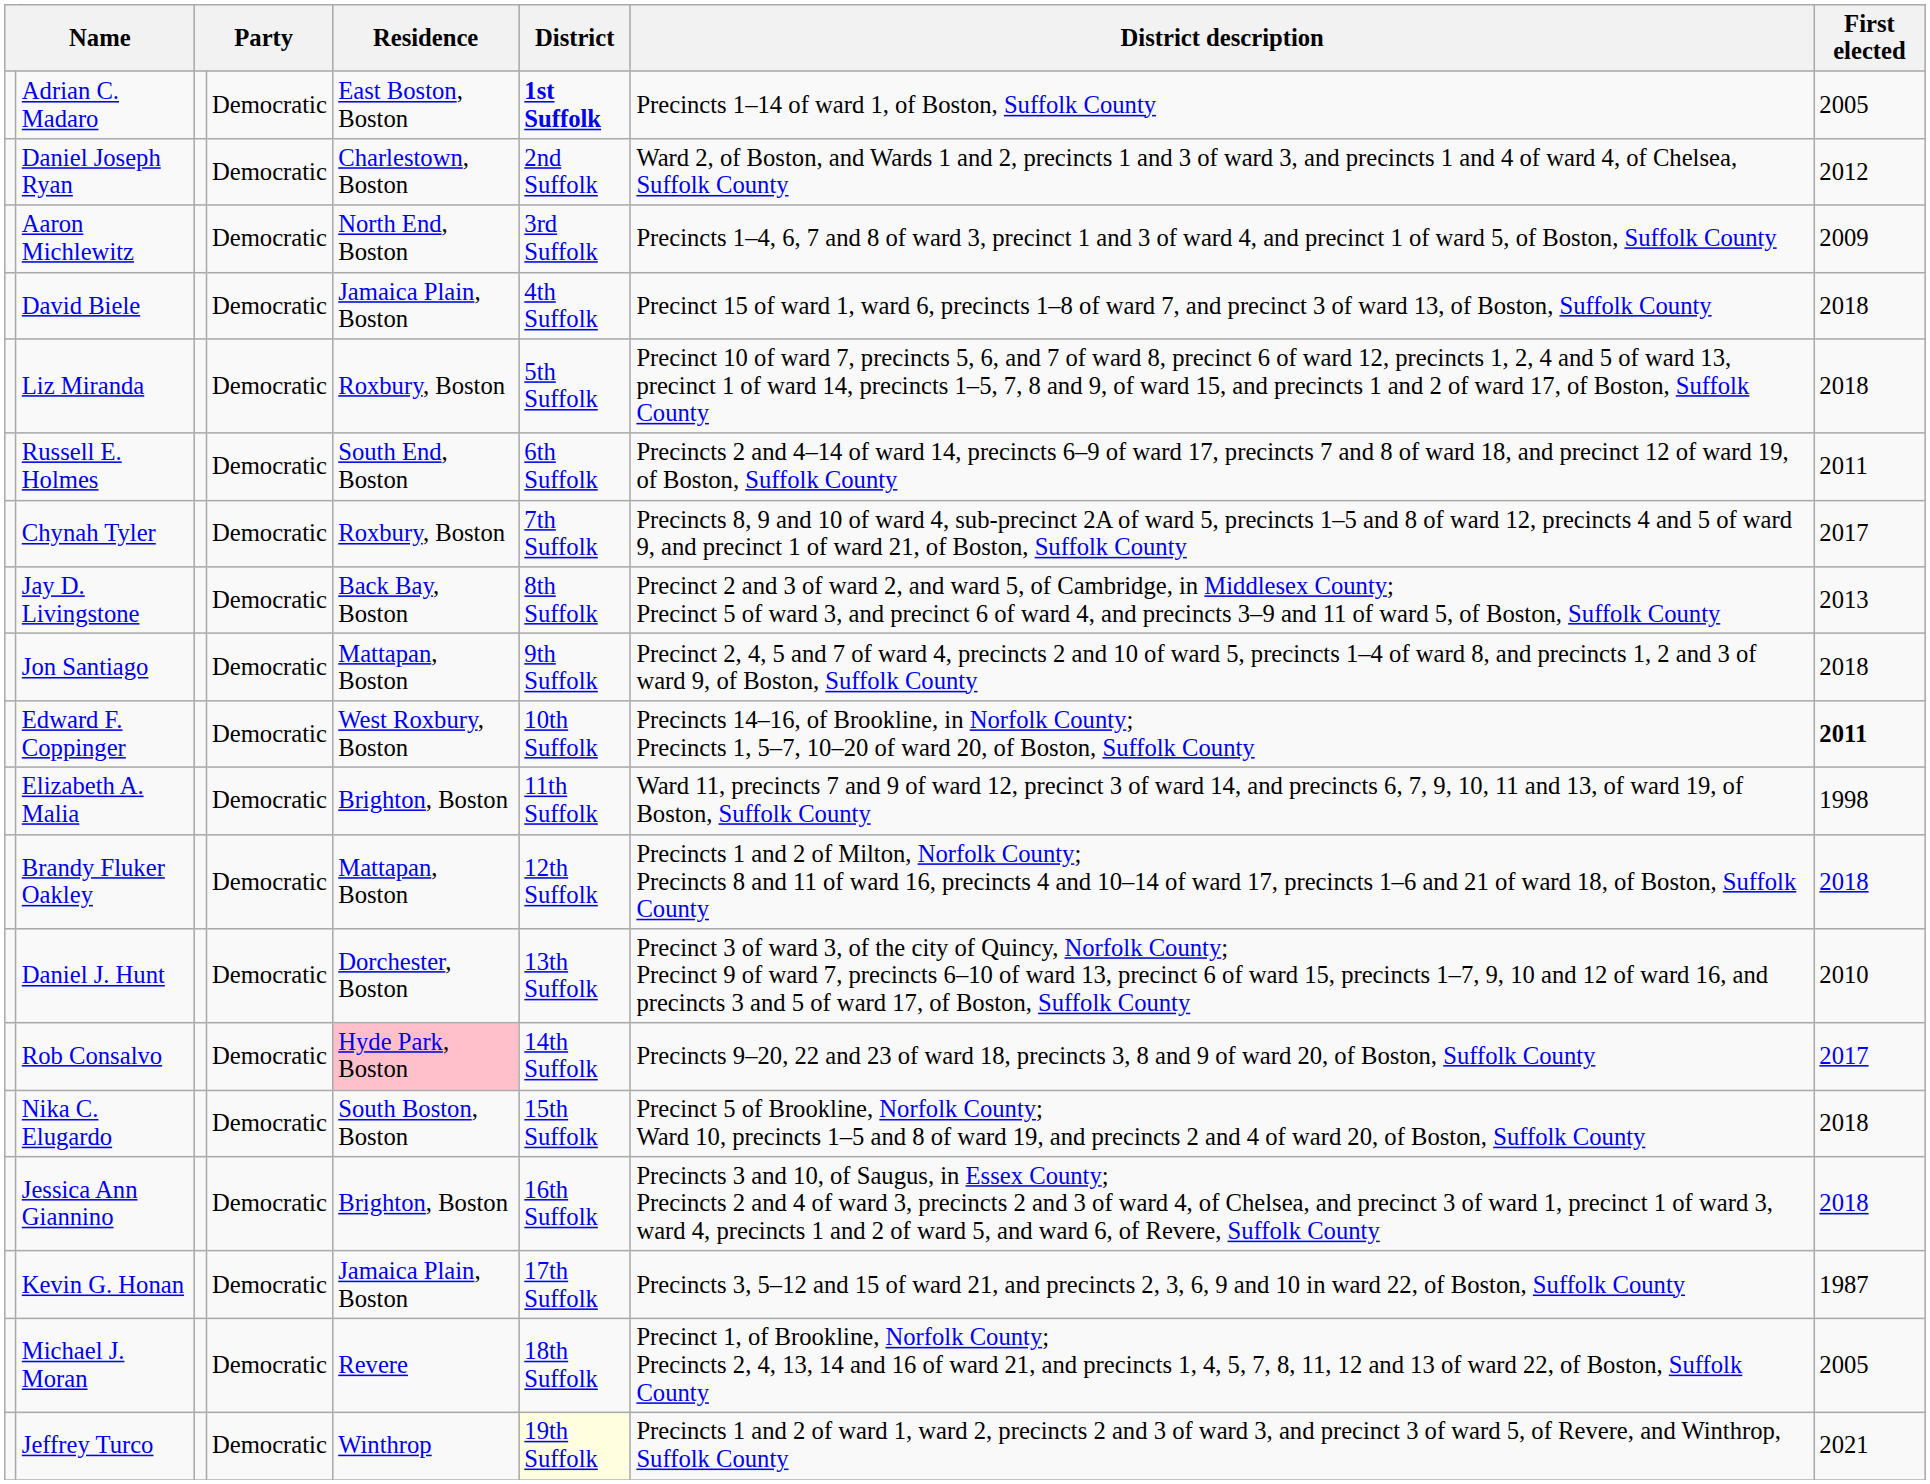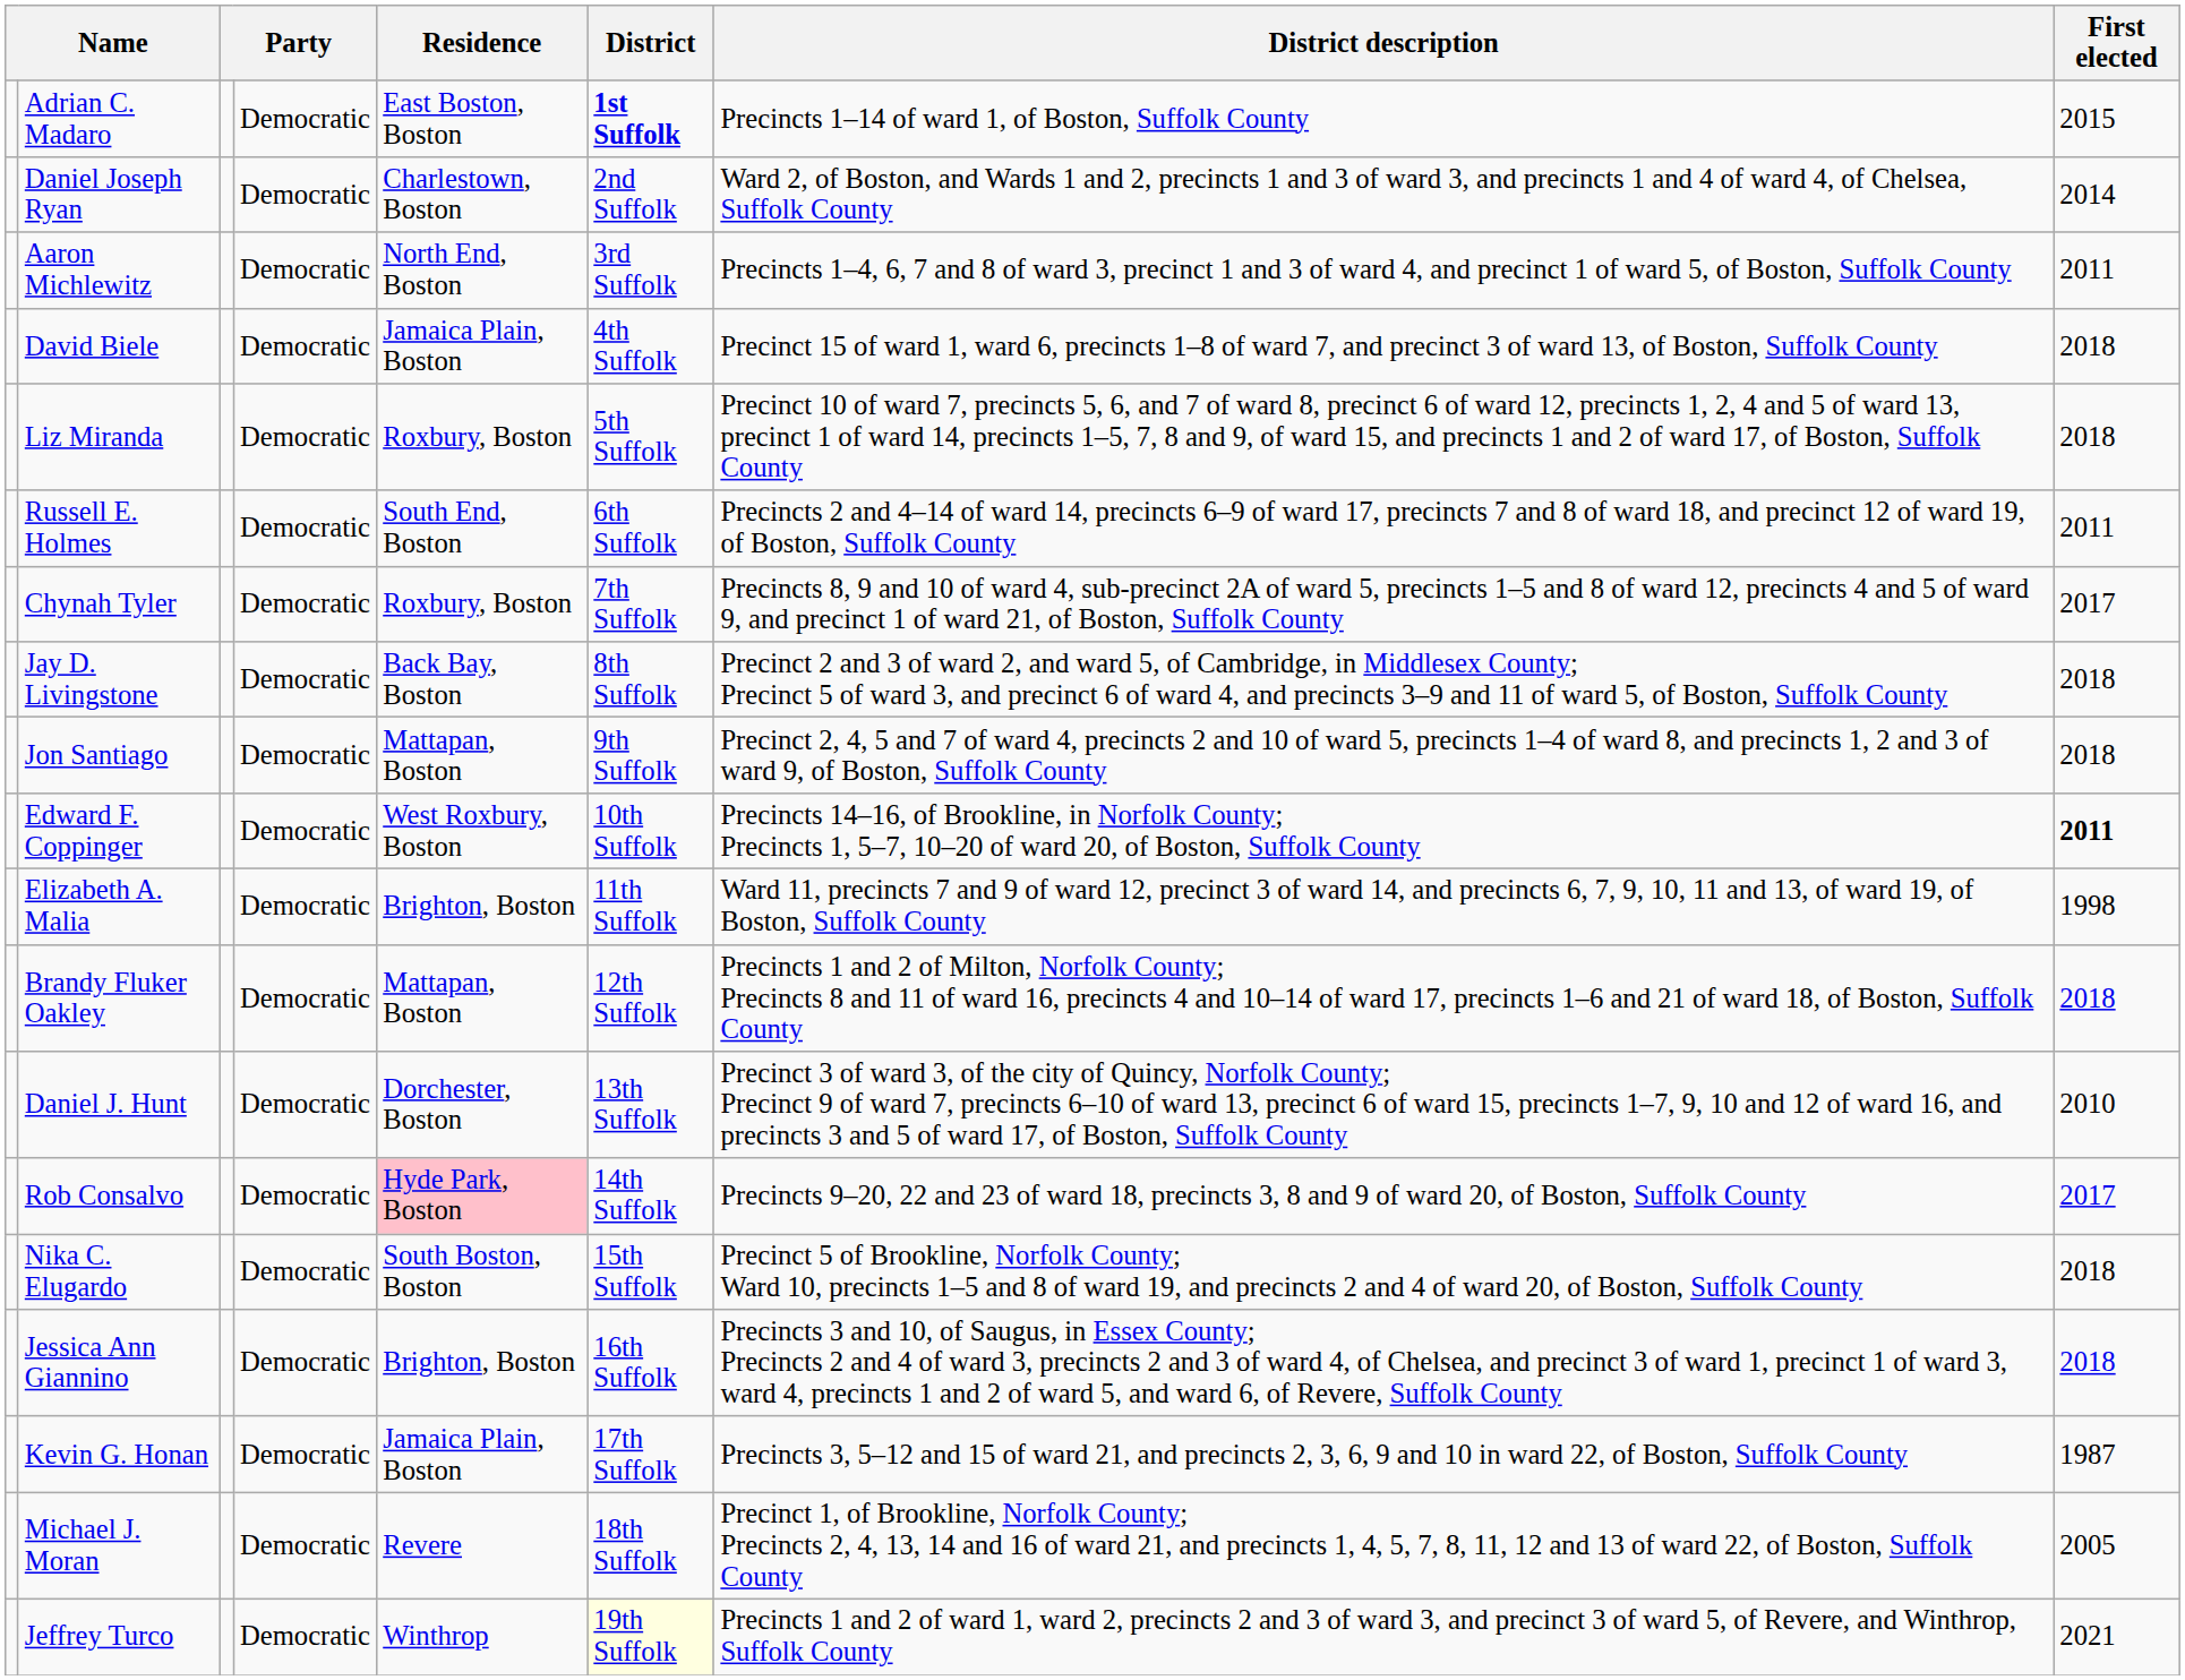 <table class="wikitable sortable" style="text-align:left;">
 <tr>
 <th colspan="2">Name</th>
 <th colspan=2>Party</th>
 <th>Residence</th>
 <th>District</th>
 <th>District description</th>
 <th>First elected</th>
 </tr>
 <tr>
 <td></td>
 <td><a href='#'>Adrian C. Madaro</a></td>
 <td style="background-color:"></td>
 <td>Democratic</td>
 <td><a href='#'>East Boston</a>, Boston</td>
 <td><strong><a href='#'>1st Suffolk</a></strong></td>
 <td>Precincts 1–14 of ward 1, of Boston, <a href='#'>Suffolk County</a></td>
-<td>2005</td>
+<td>2015</td>
 </tr>
 <tr>
 <td></td>
 <td><a href='#'>Daniel Joseph Ryan</a></td>
 <td style="background-color:"></td>
 <td>Democratic</td>
 <td><a href='#'>Charlestown</a>, Boston</td>
 <td><a href='#'>2nd Suffolk</a></td>
 <td>Ward 2, of Boston, and Wards 1 and 2, precincts 1 and 3 of ward 3, and precincts 1 and 4 of ward 4, of Chelsea, <a href='#'>Suffolk County</a></td>
-<td>2012</td>
+<td>2014</td>
 </tr>
 <tr>
 <td></td>
 <td><a href='#'>Aaron Michlewitz</a></td>
 <td style="background-color:"></td>
 <td>Democratic</td>
 <td><a href='#'>North End</a>, Boston</td>
 <td><a href='#'>3rd Suffolk</a></td>
 <td>Precincts 1–4, 6, 7 and 8 of ward 3, precinct 1 and 3 of ward 4, and precinct 1 of ward 5, of Boston, <a href='#'>Suffolk County</a></td>
-<td>2009</td>
+<td>2011</td>
 </tr>
 <tr>
 <td></td>
 <td><a href='#'>David Biele</a></td>
 <td style="background-color:"></td>
 <td>Democratic</td>
 <td><a href='#'>Jamaica Plain</a>, Boston</td>
 <td><a href='#'>4th Suffolk</a></td>
 <td>Precinct 15 of ward 1, ward 6, precincts 1–8 of ward 7, and precinct 3 of ward 13, of Boston, <a href='#'>Suffolk County</a></td>
 <td>2018</td>
 </tr>
 <tr>
 <td></td>
 <td><a href='#'>Liz Miranda</a></td>
 <td style="background-color:"></td>
 <td>Democratic</td>
 <td><a href='#'>Roxbury</a>, Boston</td>
 <td><a href='#'>5th Suffolk</a></td>
 <td>Precinct 10 of ward 7, precincts 5, 6, and 7 of ward 8, precinct 6 of ward 12, precincts 1, 2, 4 and 5 of ward 13, precinct 1 of ward 14, precincts 1–5, 7, 8 and 9, of ward 15, and precincts 1 and 2 of ward 17, of Boston, <a href='#'>Suffolk County</a></td>
 <td>2018</td>
 </tr>
 <tr>
 <td></td>
 <td><a href='#'>Russell E. Holmes</a></td>
 <td style="background-color:"></td>
 <td>Democratic</td>
 <td><a href='#'>South End</a>, Boston</td>
 <td><a href='#'>6th Suffolk</a></td>
 <td>Precincts 2 and 4–14 of ward 14, precincts 6–9 of ward 17, precincts 7 and 8 of ward 18, and precinct 12 of ward 19, of Boston, <a href='#'>Suffolk County</a></td>
 <td>2011</td>
 </tr>
 <tr>
 <td></td>
 <td><a href='#'>Chynah Tyler</a></td>
 <td style="background-color:"></td>
 <td>Democratic</td>
 <td><a href='#'>Roxbury</a>, Boston</td>
 <td><a href='#'>7th Suffolk</a></td>
 <td>Precincts 8, 9 and 10 of ward 4, sub-precinct 2A of ward 5, precincts 1–5 and 8 of ward 12, precincts 4 and 5 of ward 9, and precinct 1 of ward 21, of Boston, <a href='#'>Suffolk County</a></td>
 <td>2017</td>
 </tr>
 <tr>
 <td></td>
 <td><a href='#'>Jay D. Livingstone</a></td>
 <td style="background-color:"></td>
 <td>Democratic</td>
 <td><a href='#'>Back Bay</a>, Boston</td>
 <td><a href='#'>8th Suffolk</a></td>
 <td>Precinct 2 and 3 of ward 2, and ward 5, of Cambridge, in <a href='#'>Middlesex County</a>;<br>Precinct 5 of ward 3, and precinct 6 of ward 4, and precincts 3–9 and 11 of ward 5, of Boston, <a href='#'>Suffolk County</a></td>
-<td>2013</td>
+<td>2018</td>
 </tr>
 <tr>
 <td></td>
 <td><a href='#'>Jon Santiago</a></td>
 <td style="background-color:"></td>
 <td>Democratic</td>
 <td><a href='#'>Mattapan</a>, Boston</td>
 <td><a href='#'>9th Suffolk</a></td>
 <td>Precinct 2, 4, 5 and 7 of ward 4, precincts 2 and 10 of ward 5, precincts 1–4 of ward 8, and precincts 1, 2 and 3 of ward 9, of Boston, <a href='#'>Suffolk County</a></td>
 <td>2018</td>
 </tr>
 <tr>
 <td></td>
 <td><a href='#'>Edward F. Coppinger</a></td>
 <td style="background-color:"></td>
 <td>Democratic</td>
 <td><a href='#'>West Roxbury</a>, Boston</td>
 <td><a href='#'>10th Suffolk</a></td>
 <td>Precincts 14–16, of Brookline, in <a href='#'>Norfolk County</a>;<br>Precincts 1, 5–7, 10–20 of ward 20, of Boston, <a href='#'>Suffolk County</a></td>
 <td><strong>2011</strong></td>
 </tr>
 <tr>
 <td></td>
 <td><a href='#'>Elizabeth A. Malia</a></td>
 <td style="background-color:"></td>
 <td>Democratic</td>
 <td><a href='#'>Brighton</a>, Boston</td>
 <td><a href='#'>11th Suffolk</a></td>
 <td>Ward 11, precincts 7 and 9 of ward 12, precinct 3 of ward 14, and precincts 6, 7, 9, 10, 11 and 13, of ward 19, of Boston, <a href='#'>Suffolk County</a></td>
 <td>1998</td>
 </tr>
 <tr>
 <td></td>
 <td><a href='#'>Brandy Fluker Oakley</a></td>
 <td style="background-color:"></td>
 <td>Democratic</td>
 <td><a href='#'>Mattapan</a>, Boston</td>
 <td><a href='#'>12th Suffolk</a></td>
 <td>Precincts 1 and 2 of Milton, <a href='#'>Norfolk County</a>;<br>Precincts 8 and 11 of ward 16, precincts 4 and 10–14 of ward 17, precincts 1–6 and 21 of ward 18, of Boston, <a href='#'>Suffolk County</a></td>
 <td><a href='#'>2018</a></td>
 </tr>
 <tr>
 <td></td>
 <td><a href='#'>Daniel J. Hunt</a></td>
 <td style="background-color:"></td>
 <td>Democratic</td>
 <td><a href='#'>Dorchester</a>, Boston</td>
 <td><a href='#'>13th Suffolk</a></td>
 <td>Precinct 3 of ward 3, of the city of Quincy, <a href='#'>Norfolk County</a>;<br>Precinct 9 of ward 7, precincts 6–10 of ward 13, precinct 6 of ward 15, precincts 1–7, 9, 10 and 12 of ward 16, and precincts 3 and 5 of ward 17, of Boston, <a href='#'>Suffolk County</a></td>
 <td>2010</td>
 </tr>
 <tr>
 <td></td>
 <td><a href='#'>Rob Consalvo</a></td>
 <td style="background-color:"></td>
 <td>Democratic</td>
 <td style="background: pink;"><a href='#'>Hyde Park</a>, Boston</td>
 <td><a href='#'>14th Suffolk</a></td>
 <td>Precincts 9–20, 22 and 23 of ward 18, precincts 3, 8 and 9 of ward 20, of Boston, <a href='#'>Suffolk County</a></td>
 <td><a href='#'>2017</a></td>
 </tr>
 <tr>
 <td></td>
 <td><a href='#'>Nika C. Elugardo</a></td>
 <td style="background-color:"></td>
 <td>Democratic</td>
 <td><a href='#'>South Boston</a>, Boston</td>
 <td><a href='#'>15th Suffolk</a></td>
 <td>Precinct 5 of Brookline, <a href='#'>Norfolk County</a>;<br>Ward 10, precincts 1–5 and 8 of ward 19, and precincts 2 and 4 of ward 20, of Boston, <a href='#'>Suffolk County</a></td>
 <td>2018</td>
 </tr>
 <tr>
 <td></td>
 <td><a href='#'>Jessica Ann Giannino</a></td>
 <td style="background-color:"></td>
 <td>Democratic</td>
 <td><a href='#'>Brighton</a>, Boston</td>
 <td><a href='#'>16th Suffolk</a></td>
 <td>Precincts 3 and 10, of Saugus, in <a href='#'>Essex County</a>;<br>Precincts 2 and 4 of ward 3, precincts 2 and 3 of ward 4, of Chelsea, and precinct 3 of ward 1, precinct 1 of ward 3, ward 4, precincts 1 and 2 of ward 5, and ward 6, of Revere, <a href='#'>Suffolk County</a></td>
 <td><a href='#'>2018</a></td>
 </tr>
 <tr>
 <td></td>
 <td><a href='#'>Kevin G. Honan</a></td>
 <td style="background-color:"></td>
 <td>Democratic</td>
 <td><a href='#'>Jamaica Plain</a>, Boston</td>
 <td><a href='#'>17th Suffolk</a></td>
 <td>Precincts 3, 5–12 and 15 of ward 21, and precincts 2, 3, 6, 9 and 10 in ward 22, of Boston, <a href='#'>Suffolk County</a></td>
 <td>1987</td>
 </tr>
 <tr>
 <td></td>
 <td><a href='#'>Michael J. Moran</a></td>
 <td style="background-color:"></td>
 <td>Democratic</td>
 <td><a href='#'>Revere</a></td>
 <td><a href='#'>18th Suffolk</a></td>
 <td>Precinct 1, of Brookline, <a href='#'>Norfolk County</a>;<br>Precincts 2, 4, 13, 14 and 16 of ward 21, and precincts 1, 4, 5, 7, 8, 11, 12 and 13 of ward 22, of Boston, <a href='#'>Suffolk County</a></td>
 <td>2005</td>
 </tr>
 <tr>
 <td></td>
 <td><a href='#'>Jeffrey Turco</a></td>
 <td style="background-color:"></td>
 <td>Democratic</td>
 <td><a href='#'>Winthrop</a></td>
 <td style="background: lightyellow;"><a href='#'>19th Suffolk</a></td>
 <td>Precincts 1 and 2 of ward 1, ward 2, precincts 2 and 3 of ward 3, and precinct 3 of ward 5, of Revere, and Winthrop, <a href='#'>Suffolk County</a></td>
 <td>2021</td>
 </tr>
 </table>
